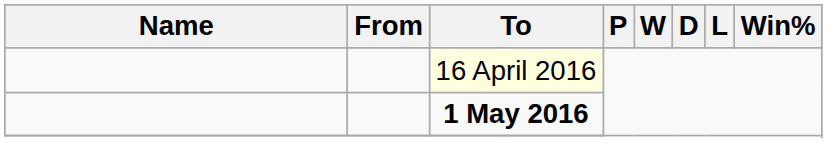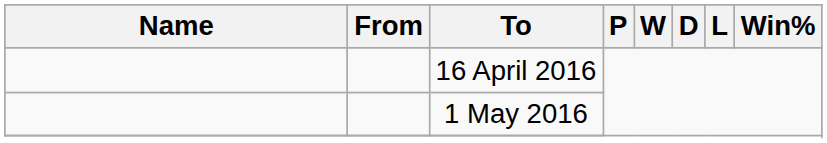 <table class="wikitable sortable" style="text-align: center;">
 <tr>
 <th style="width:12em">Name</th>
 <th>From</th>
 <th>To</th>
 <th>P</th>
 <th>W</th>
 <th>D</th>
 <th>L</th>
 <th>Win%</th>
 </tr>
 <tr>
 <td align=left></td>
 <td></td>
-<td style="background: lightyellow;">16 April 2016<br></td>
+<td>16 April 2016<br></td>
 </tr>
 <tr>
 <td align=left></td>
 <td></td>
-<td><strong>1 May 2016<br></strong></td>
+<td>1 May 2016<br></td>
 </tr>
 <tr>
 </tr>
 </table>
